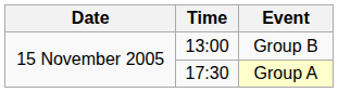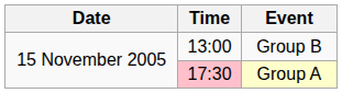 <table class = "wikitable" style="text-align:center;">
 <tr>
 <th width=150>Date</th>
 <th width=50>Time</th>
 <th width=80>Event</th>
 </tr>
 <tr>
 <td rowspan=2>15 November 2005</td>
 <td>13:00</td>
 <td>Group B</td>
 </tr>
 <tr>
-<td>17:30</td>
+<td style="background: pink;">17:30</td>
 <td bgcolor=ffffcc>Group A</td>
 </tr>
 </table>
